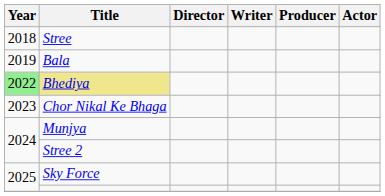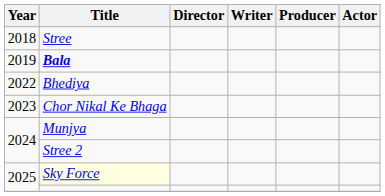 <table class="wikitable">
 <tr>
 <th>Year</th>
 <th>Title</th>
 <th>Director</th>
 <th>Writer</th>
 <th>Producer</th>
 <th>Actor</th>
 </tr>
 <tr>
 <td>2018</td>
 <td><em><a href='#'>Stree</a></em></td>
 <td></td>
 <td></td>
 <td></td>
 <td></td>
 </tr>
 <tr>
 <td>2019</td>
-<td><em><a href='#'>Bala</a></em></td>
+<td><strong><em><a href='#'>Bala</a></em></strong></td>
 <td></td>
 <td></td>
 <td></td>
 <td></td>
 </tr>
 <tr>
-<td style="background: lightgreen;">2022</td>
-<td style="background: khaki;"><em><a href='#'>Bhediya</a></em></td>
+<td>2022</td>
+<td><em><a href='#'>Bhediya</a></em></td>
 <td></td>
 <td></td>
 <td></td>
 <td></td>
 </tr>
 <tr>
 <td>2023</td>
 <td><em><a href='#'>Chor Nikal Ke Bhaga</a></em></td>
 <td></td>
 <td></td>
 <td></td>
 <td></td>
 </tr>
 <tr>
 <td rowspan="2">2024</td>
 <td><em><a href='#'>Munjya</a></em></td>
 <td></td>
 <td></td>
 <td></td>
 <td></td>
 </tr>
 <tr>
 <td><em><a href='#'>Stree 2</a></em></td>
 <td></td>
 <td></td>
 <td></td>
 <td></td>
 </tr>
 <tr>
 <td rowspan="2">2025</td>
-<td><em><a href='#'>Sky Force</a></td>
+<td style="background: lightyellow;"><em><a href='#'>Sky Force</a></td>
 <td></td>
 <td></td>
 <td></td>
 <td></td>
 </tr>
 <tr>
 <td></td>
 <td></td>
 <td></td>
 <td></td>
 <td></td>
 </tr>
 <tr>
 </tr>
 </table>
